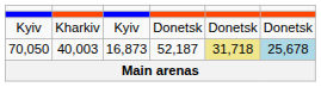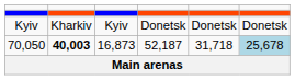 <table class="wikitable" style="margin:1em auto; text-align:center">
 <tr>
 <td></td>
 <td></td>
 <td></td>
 <td></td>
 <td></td>
 <td></td>
 </tr>
 <tr>
 <th style="background:blue"><a href='#'></a></th>
 <th style="background:orangered"><a href='#'></a></th>
 <th style="background:blue"><a href='#'></a></th>
 <th style="background:orangered"><a href='#'></a></th>
 <th style="background:orangered"><a href='#'></a></th>
 <th style="background:orangered"><a href='#'></a></th>
 </tr>
 <tr>
 <td>Kyiv</td>
 <td>Kharkiv</td>
 <td>Kyiv</td>
 <td>Donetsk</td>
 <td>Donetsk</td>
 <td>Donetsk</td>
 </tr>
 <tr>
 <td>70,050</td>
-<td>40,003</td>
+<td><strong>40,003</strong></td>
 <td>16,873</td>
 <td>52,187</td>
-<td style="background: khaki;">31,718</td>
+<td>31,718</td>
 <td style="background: lightblue;">25,678</td>
 </tr>
 <tr>
 <th colspan=6>Main arenas<br></th>
 </tr>
 </table>
